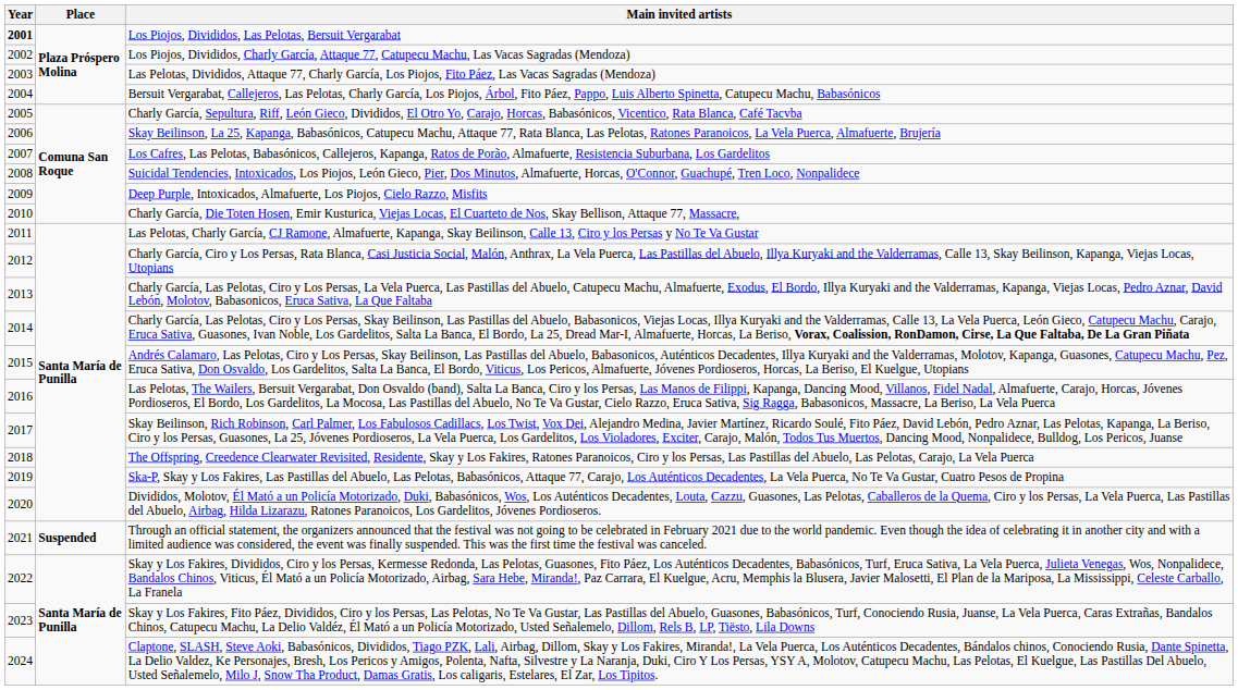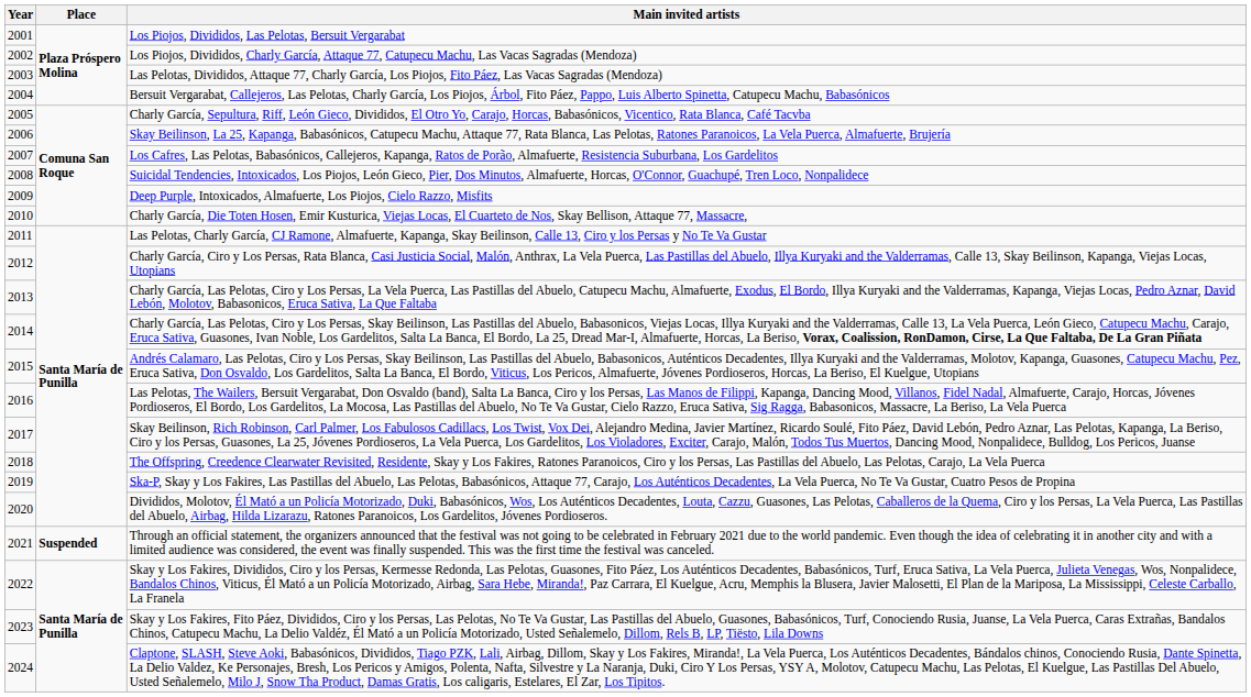 <table class="wikitable">
 <tr>
 <th><strong>Year</strong></th>
 <th><strong>Place</strong></th>
 <th><strong>Main invited artists</strong></th>
 </tr>
 <tr>
-<td><strong>2001</strong></td>
+<td>2001</td>
 <td rowspan="4"><strong>Plaza Próspero Molina</strong></td>
 <td><a href='#'>Los Piojos</a>, <a href='#'>Divididos</a>, <a href='#'>Las Pelotas</a>, <a href='#'>Bersuit Vergarabat</a></td>
 </tr>
 <tr>
 <td>2002</td>
 <td>Los Piojos, Divididos, <a href='#'>Charly García</a>, <a href='#'>Attaque 77</a>, <a href='#'>Catupecu Machu</a>, Las Vacas Sagradas (Mendoza)</td>
 </tr>
 <tr>
 <td>2003</td>
 <td>Las Pelotas, Divididos, Attaque 77, Charly García, Los Piojos, <a href='#'>Fito Páez</a>, Las Vacas Sagradas (Mendoza)</td>
 </tr>
 <tr>
 <td>2004</td>
 <td>Bersuit Vergarabat, <a href='#'>Callejeros</a>, Las Pelotas, Charly García, Los Piojos, <a href='#'>Árbol</a>, Fito Páez, <a href='#'>Pappo</a>, <a href='#'>Luis Alberto Spinetta</a>, Catupecu Machu, <a href='#'>Babasónicos</a></td>
 </tr>
 <tr>
 <td>2005</td>
 <td rowspan="6"><strong>Comuna San Roque</strong></td>
 <td>Charly García, <a href='#'>Sepultura</a>, <a href='#'>Riff</a>, <a href='#'>León Gieco</a>, Divididos, <a href='#'>El Otro Yo</a>, <a href='#'>Carajo</a>, <a href='#'>Horcas</a>, Babasónicos, <a href='#'>Vicentico</a>, <a href='#'>Rata Blanca</a>, <a href='#'>Café Tacvba</a></td>
 </tr>
 <tr>
 <td>2006</td>
 <td><a href='#'>Skay Beilinson</a>, <a href='#'>La 25</a>, <a href='#'>Kapanga</a>, Babasónicos, Catupecu Machu, Attaque 77, Rata Blanca, Las Pelotas, <a href='#'>Ratones Paranoicos</a>, <a href='#'>La Vela Puerca</a>, <a href='#'>Almafuerte</a>, <a href='#'>Brujería</a></td>
 </tr>
 <tr>
 <td>2007</td>
 <td><a href='#'>Los Cafres</a>, Las Pelotas, Babasónicos, Callejeros, Kapanga, <a href='#'>Ratos de Porão</a>, Almafuerte, <a href='#'>Resistencia Suburbana</a>, <a href='#'>Los Gardelitos</a></td>
 </tr>
 <tr>
 <td>2008</td>
 <td><a href='#'>Suicidal Tendencies</a>, <a href='#'>Intoxicados</a>, Los Piojos, León Gieco, <a href='#'>Pier</a>, <a href='#'>Dos Minutos</a>, Almafuerte, Horcas, <a href='#'>O'Connor</a>, <a href='#'>Guachupé</a>, <a href='#'>Tren Loco</a>, <a href='#'>Nonpalidece</a></td>
 </tr>
 <tr>
 <td>2009</td>
 <td><a href='#'>Deep Purple</a>, Intoxicados, Almafuerte, Los Piojos, <a href='#'>Cielo Razzo</a>, <a href='#'>Misfits</a></td>
 </tr>
 <tr>
 <td>2010</td>
 <td>Charly García, <a href='#'>Die Toten Hosen</a>, Emir Kusturica, <a href='#'>Viejas Locas</a>, <a href='#'>El Cuarteto de Nos</a>, Skay Bellison, Attaque 77, <a href='#'>Massacre</a>,</td>
 </tr>
 <tr>
 <td>2011</td>
 <td rowspan="10"><strong>Santa María de Punilla</strong></td>
 <td>Las Pelotas, Charly García, <a href='#'>CJ Ramone</a>, Almafuerte, Kapanga, Skay Beilinson, <a href='#'>Calle 13</a>, <a href='#'>Ciro y los Persas</a> y <a href='#'>No Te Va Gustar</a></td>
 </tr>
 <tr>
 <td>2012</td>
 <td>Charly García, Ciro y Los Persas, Rata Blanca, <a href='#'>Casi Justicia Social</a>, <a href='#'>Malón</a>, Anthrax, La Vela Puerca, <a href='#'>Las Pastillas del Abuelo</a>, <a href='#'>Illya Kuryaki and the Valderramas</a>, Calle 13, Skay Beilinson, Kapanga, Viejas Locas, <a href='#'>Utopians</a></td>
 </tr>
 <tr>
 <td>2013</td>
 <td>Charly García, Las Pelotas, Ciro y Los Persas, La Vela Puerca, Las Pastillas del Abuelo, Catupecu Machu, Almafuerte, <a href='#'>Exodus</a>, <a href='#'>El Bordo</a>, Illya Kuryaki and the Valderramas, Kapanga, Viejas Locas, <a href='#'>Pedro Aznar</a>, <a href='#'>David Lebón</a>, <a href='#'>Molotov</a>, Babasonicos, <a href='#'>Eruca Sativa</a>, <a href='#'>La Que Faltaba</a></td>
 </tr>
 <tr>
 <td>2014</td>
 <td>Charly García, Las Pelotas, Ciro y Los Persas, Skay Beilinson, Las Pastillas del Abuelo, Babasonicos, Viejas Locas, Illya Kuryaki and the Valderramas, Calle 13, La Vela Puerca, León Gieco, <a href='#'>Catupecu Machu</a>, Carajo, <a href='#'>Eruca Sativa</a>, Guasones, Ivan Noble, Los Gardelitos, Salta La Banca, El Bordo, La 25, Dread Mar-I, Almafuerte, Horcas, La Beriso, <strong>Vorax, Coalission, RonDamon, Cirse, La Que Faltaba, De La Gran Piñata</strong></td>
 </tr>
 <tr>
 <td>2015</td>
 <td><a href='#'>Andrés Calamaro</a>, Las Pelotas, Ciro y Los Persas, Skay Beilinson, Las Pastillas del Abuelo, Babasonicos, Auténticos Decadentes, Illya Kuryaki and the Valderramas, Molotov, Kapanga, Guasones, <a href='#'>Catupecu Machu</a>, <a href='#'>Pez</a>, Eruca Sativa, <a href='#'>Don Osvaldo</a>, Los Gardelitos, Salta La Banca, El Bordo, <a href='#'>Viticus</a>, Los Pericos, Almafuerte, Jóvenes Pordioseros, Horcas, La Beriso, El Kuelgue, Utopians</td>
 </tr>
 <tr>
 <td>2016</td>
 <td>Las Pelotas, <a href='#'>The Wailers</a>, Bersuit Vergarabat, Don Osvaldo (band), Salta La Banca, Ciro y los Persas, <a href='#'>Las Manos de Filippi</a>, Kapanga, Dancing Mood, <a href='#'>Villanos</a>, <a href='#'>Fidel Nadal</a>, Almafuerte, Carajo, Horcas, Jóvenes Pordioseros, El Bordo, Los Gardelitos, La Mocosa, Las Pastillas del Abuelo, No Te Va Gustar, Cielo Razzo, Eruca Sativa, <a href='#'>Sig Ragga</a>, Babasonicos, Massacre, La Beriso, La Vela Puerca</td>
 </tr>
 <tr>
 <td>2017</td>
 <td>Skay Beilinson, <a href='#'>Rich Robinson</a>, <a href='#'>Carl Palmer</a>, <a href='#'>Los Fabulosos Cadillacs</a>, <a href='#'>Los Twist</a>, <a href='#'>Vox Dei</a>, Alejandro Medina, Javier Martínez, Ricardo Soulé, Fito Páez, David Lebón, Pedro Aznar, Las Pelotas, Kapanga, La Beriso, Ciro y los Persas, Guasones, La 25, Jóvenes Pordioseros, La Vela Puerca, Los Gardelitos, <a href='#'>Los Violadores</a>, <a href='#'>Exciter</a>, Carajo, Malón, <a href='#'>Todos Tus Muertos</a>, Dancing Mood, Nonpalidece, Bulldog, Los Pericos, Juanse</td>
 </tr>
 <tr>
 <td>2018</td>
 <td><a href='#'>The Offspring</a>, <a href='#'>Creedence Clearwater Revisited</a>, <a href='#'>Residente</a>, Skay y Los Fakires, Ratones Paranoicos, Ciro y los Persas, Las Pastillas del Abuelo, Las Pelotas, Carajo, La Vela Puerca</td>
 </tr>
 <tr>
 <td>2019</td>
 <td><a href='#'>Ska-P</a>, Skay y Los Fakires, Las Pastillas del Abuelo, Las Pelotas, Babasónicos, Attaque 77, Carajo, <a href='#'>Los Auténticos Decadentes</a>, La Vela Puerca, No Te Va Gustar, Cuatro Pesos de Propina</td>
 </tr>
 <tr>
 <td>2020</td>
 <td>Divididos, Molotov, <a href='#'>Él Mató a un Policía Motorizado</a>, <a href='#'>Duki</a>, Babasónicos, <a href='#'>Wos</a>, Los Auténticos Decadentes, <a href='#'>Louta</a>, <a href='#'>Cazzu</a>, Guasones, Las Pelotas, <a href='#'>Caballeros de la Quema</a>, Ciro y los Persas, La Vela Puerca, Las Pastillas del Abuelo, <a href='#'>Airbag</a>, <a href='#'>Hilda Lizarazu</a>, Ratones Paranoicos, Los Gardelitos, Jóvenes Pordioseros.</td>
 </tr>
 <tr>
 <td>2021</td>
 <td><strong>Suspended</strong></td>
 <td>Through an official statement, the organizers announced that the festival was not going to be celebrated in February 2021 due to the world pandemic. Even though the idea of celebrating it in another city and with a limited audience was considered, the event was finally suspended. This was the first time the festival was canceled.</td>
 </tr>
 <tr>
 <td>2022</td>
 <td rowspan="3"><strong>Santa María de Punilla</strong></td>
 <td>Skay y Los Fakires, Divididos, Ciro y los Persas, Kermesse Redonda, Las Pelotas, Guasones, Fito Páez, Los Auténticos Decadentes, Babasónicos, Turf, Eruca Sativa, La Vela Puerca, <a href='#'>Julieta Venegas</a>, Wos, Nonpalidece, <a href='#'>Bandalos Chinos</a>, Viticus, Él Mató a un Policía Motorizado, Airbag, <a href='#'>Sara Hebe</a>, <a href='#'>Miranda!</a>, Paz Carrara, El Kuelgue, Acru, Memphis la Blusera, Javier Malosetti, El Plan de la Mariposa, La Mississippi, <a href='#'>Celeste Carballo</a>, La Franela</td>
 </tr>
 <tr>
 <td>2023</td>
 <td>Skay y Los Fakires, Fito Páez, Divididos, Ciro y los Persas, Las Pelotas, No Te Va Gustar, Las Pastillas del Abuelo, Guasones, Babasónicos, Turf, Conociendo Rusia, Juanse, La Vela Puerca, Caras Extrañas, Bandalos Chinos, Catupecu Machu, La Delio Valdéz, Él Mató a un Policía Motorizado, Usted Señalemelo, <a href='#'>Dillom</a>, <a href='#'>Rels B</a>, <a href='#'>LP</a>, <a href='#'>Tiësto</a>, <a href='#'>Lila Downs</a></td>
 </tr>
 <tr>
 <td>2024</td>
 <td><a href='#'>Claptone</a>, <a href='#'>SLASH</a>, <a href='#'>Steve Aoki</a>, Babasónicos, Divididos, <a href='#'>Tiago PZK</a>, <a href='#'>Lali</a>, Airbag, Dillom, Skay y Los Fakires, Miranda!, La Vela Puerca, Los Auténticos Decadentes, Bándalos chinos, Conociendo Rusia, <a href='#'>Dante Spinetta</a>, La Delio Valdez, Ke Personajes, Bresh, Los Pericos y Amigos, Polenta, Nafta, Silvestre y La Naranja, Duki, Ciro Y Los Persas, YSY A, Molotov, Catupecu Machu, Las Pelotas, El Kuelgue, Las Pastillas Del Abuelo, Usted Señalemelo, <a href='#'>Milo J</a>, <a href='#'>Snow Tha Product</a>, <a href='#'>Damas Gratis</a>, Los caligaris, Estelares, El Zar, <a href='#'>Los Tipitos</a>.</td>
 </tr>
 </table>
